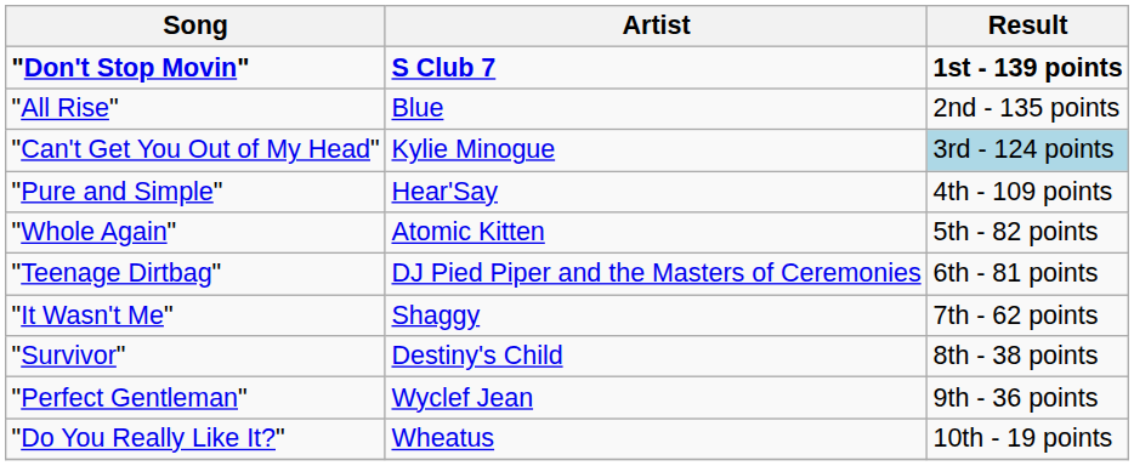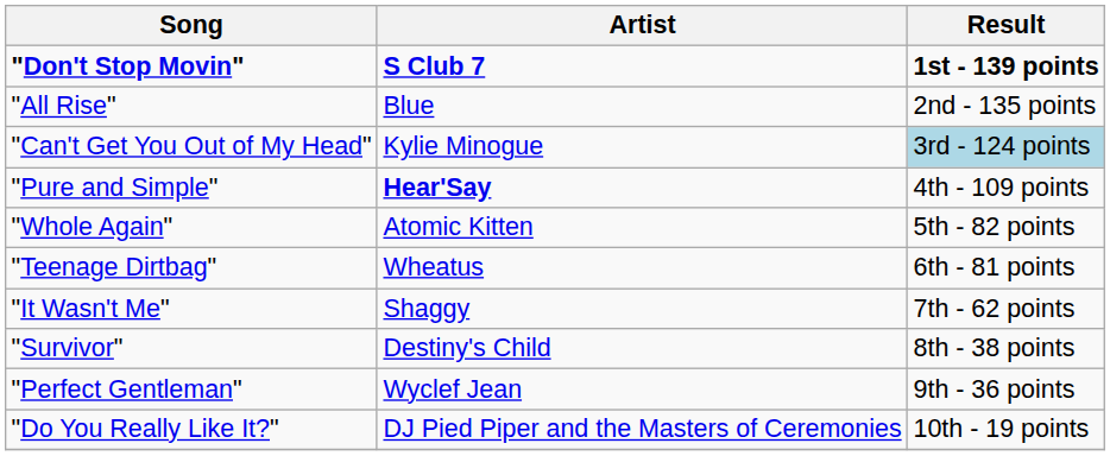 <table class="wikitable">
 <tr>
 <th>Song</th>
 <th>Artist</th>
 <th>Result</th>
 </tr>
 <tr>
 <td><strong>"<a href='#'>Don't Stop Movin</a>"</strong></td>
 <td><strong><a href='#'>S Club 7</a></strong></td>
 <td><strong>1st - 139 points</strong></td>
 </tr>
 <tr>
 <td>"<a href='#'>All Rise</a>"</td>
 <td><a href='#'>Blue</a></td>
 <td>2nd - 135 points</td>
 </tr>
 <tr>
 <td>"<a href='#'>Can't Get You Out of My Head</a>"</td>
 <td><a href='#'>Kylie Minogue</a></td>
 <td style="background: lightblue;">3rd - 124 points</td>
 </tr>
 <tr>
 <td>"<a href='#'>Pure and Simple</a>"</td>
-<td><a href='#'>Hear'Say</a></td>
+<td><strong><a href='#'>Hear'Say</a></strong></td>
 <td>4th - 109 points</td>
 </tr>
 <tr>
 <td>"<a href='#'>Whole Again</a>"</td>
 <td><a href='#'>Atomic Kitten</a></td>
 <td>5th - 82 points</td>
 </tr>
 <tr>
 <td>"<a href='#'>Teenage Dirtbag</a>"</td>
-<td><a href='#'>DJ Pied Piper and the Masters of Ceremonies</a></td>
+<td><a href='#'>Wheatus</a></td>
 <td>6th - 81 points</td>
 </tr>
 <tr>
 <td>"<a href='#'>It Wasn't Me</a>"</td>
 <td><a href='#'>Shaggy</a></td>
 <td>7th - 62 points</td>
 </tr>
 <tr>
 <td>"<a href='#'>Survivor</a>"</td>
 <td><a href='#'>Destiny's Child</a></td>
 <td>8th - 38 points</td>
 </tr>
 <tr>
 <td>"<a href='#'>Perfect Gentleman</a>"</td>
 <td><a href='#'>Wyclef Jean</a></td>
 <td>9th - 36 points</td>
 </tr>
 <tr>
 <td>"<a href='#'>Do You Really Like It?</a>"</td>
-<td><a href='#'>Wheatus</a></td>
+<td><a href='#'>DJ Pied Piper and the Masters of Ceremonies</a></td>
 <td>10th - 19 points</td>
 </tr>
 <tr>
 </tr>
 </table>
